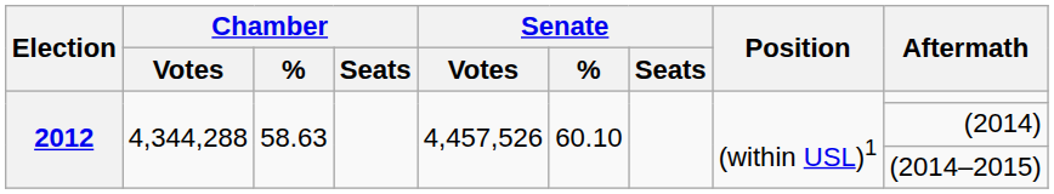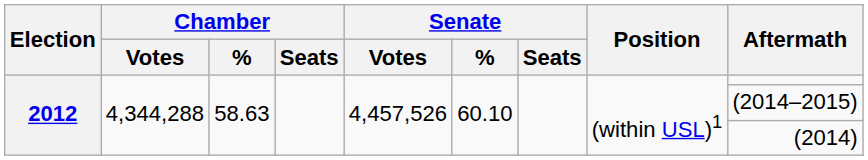 <table class="wikitable" style="text-align: right;">
 <tr>
 <th rowspan="2">Election</th>
 <th colspan="3"><a href='#'>Chamber</a></th>
 <th colspan="3"><a href='#'>Senate</a></th>
 <th rowspan="2">Position</th>
 <th rowspan="2">Aftermath</th>
 </tr>
 <tr>
 <th>Votes</th>
 <th>%</th>
 <th>Seats</th>
 <th>Votes</th>
 <th>%</th>
 <th>Seats</th>
 </tr>
 <tr>
 <th rowspan=3><a href='#'>2012</a></th>
 <td rowspan=3>4,344,288</td>
 <td rowspan=3>58.63</td>
 <td rowspan=3></td>
 <td rowspan=3>4,457,526</td>
 <td rowspan=3>60.10</td>
 <td rowspan=3></td>
 <td rowspan=3; style="text-align: center;"><br>(within <a href='#'>USL</a>)<sup>1</sup></td>
 <td></td>
 </tr>
 <tr>
+<td> (2014–2015)</td>
+</tr>
+<tr>
 <td> (2014)</td>
 </tr>
-<tr>
-<td> (2014–2015)</td>
-</tr>
 </table>
